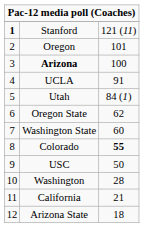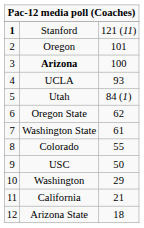 <table class="wikitable" style="display: inline-table;">
 <tr>
 <td align="center" Colspan="3"><strong>Pac-12 media poll (Coaches)</strong></td>
 </tr>
 <tr align="center">
 </tr>
 <tr align="center">
 <td><strong>1</strong></td>
 <td ! style=>Stanford</td>
 <td>121 (<em>11</em>)</td>
 </tr>
 <tr align="center">
 <td>2</td>
 <td ! style=>Oregon</td>
 <td>101</td>
 </tr>
 <tr align="center">
 <td>3</td>
 <td ! style=><strong>Arizona</strong></td>
 <td>100</td>
 </tr>
 <tr align="center">
 <td>4</td>
 <td ! style=>UCLA</td>
-<td>91</td>
+<td>93</td>
 </tr>
 <tr align="center">
 <td>5</td>
 <td ! style=>Utah</td>
 <td>84 (<em>1</em>)</td>
 </tr>
 <tr align="center">
 <td>6</td>
 <td ! style=>Oregon State</td>
 <td>62</td>
 </tr>
 <tr align="center">
 <td>7</td>
 <td ! style=>Washington State</td>
-<td>60</td>
+<td>61</td>
 </tr>
 <tr align="center">
 <td>8</td>
 <td ! style=>Colorado</td>
-<td><strong>55</strong></td>
+<td>55</td>
 </tr>
 <tr align="center">
 <td>9</td>
 <td ! style=>USC</td>
 <td>50</td>
 </tr>
 <tr align="center">
 <td>10</td>
 <td ! style=>Washington</td>
-<td>28</td>
+<td>29</td>
 </tr>
 <tr align="center">
 <td>11</td>
 <td ! style=>California</td>
 <td>21</td>
 </tr>
 <tr align="center">
 <td>12</td>
 <td ! style=>Arizona State</td>
 <td>18</td>
 </tr>
 </table>
